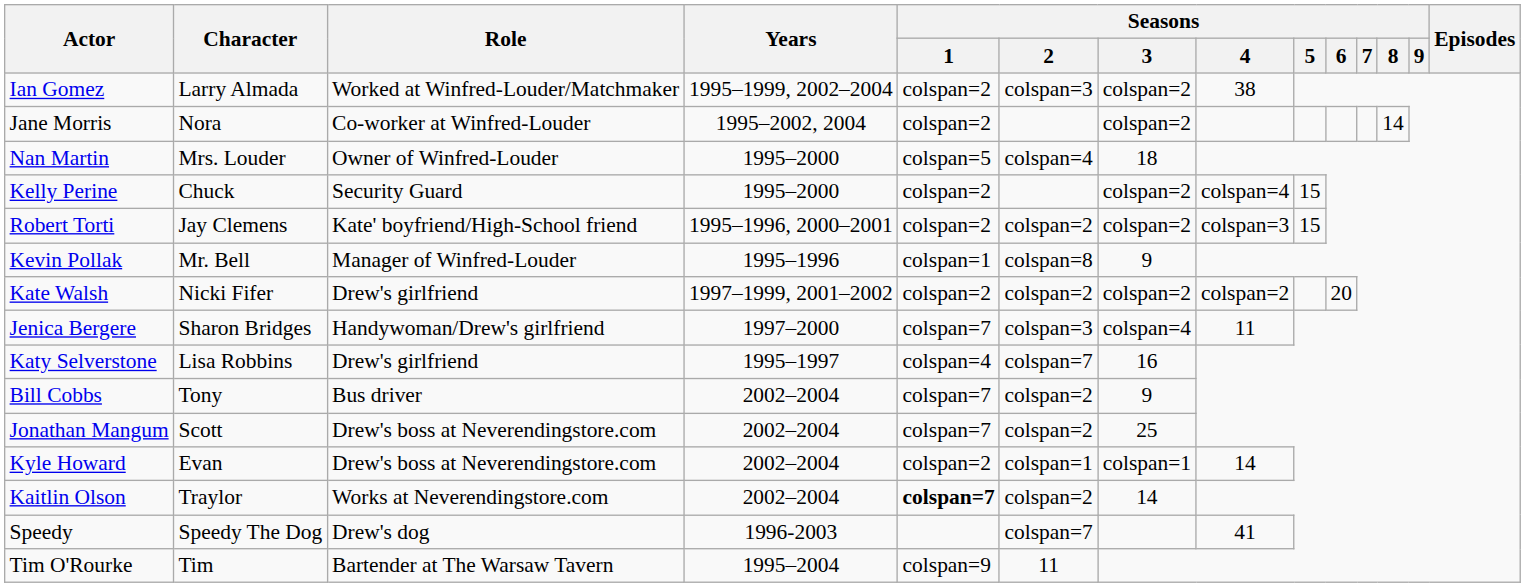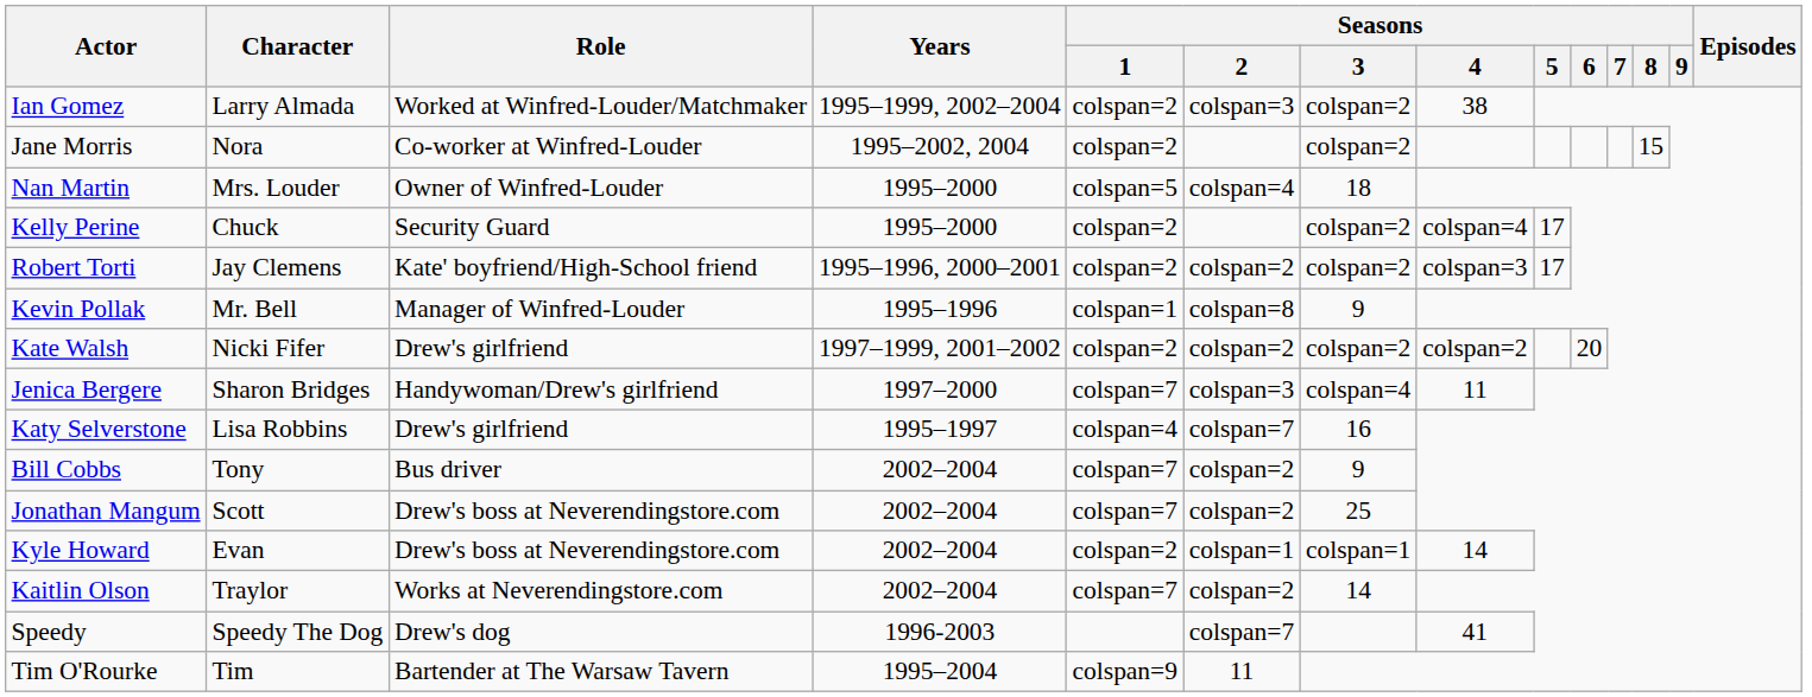 <table class="wikitable sortable">
 <tr>
 <th rowspan="2">Actor</th>
 <th rowspan="2">Character</th>
 <th rowspan="2">Role</th>
 <th rowspan="2">Years</th>
 <th colspan="9">Seasons</th>
 <th rowspan="2">Episodes</th>
 </tr>
 <tr>
 <th>1</th>
 <th>2</th>
 <th>3</th>
 <th>4</th>
 <th>5</th>
 <th>6</th>
 <th>7</th>
 <th>8</th>
 <th>9</th>
 </tr>
 <tr>
 <td><a href='#'>Ian Gomez</a></td>
 <td>Larry Almada</td>
 <td>Worked at Winfred-Louder/Matchmaker</td>
 <td rowspan="1" align="center">1995–1999, 2002–2004</td>
 <td>colspan=2 </td>
 <td>colspan=3 </td>
 <td>colspan=2 </td>
 <td rowspan="1" align="center">38</td>
 </tr>
 <tr>
 <td>Jane Morris</td>
 <td>Nora</td>
 <td>Co-worker at Winfred-Louder</td>
 <td rowspan="1" align="center">1995–2002, 2004</td>
 <td>colspan=2 </td>
 <td></td>
 <td>colspan=2 </td>
 <td></td>
 <td></td>
 <td></td>
 <td></td>
-<td rowspan="1" align="center">14</td>
+<td rowspan="1" align="center">15</td>
 </tr>
 <tr>
 <td><a href='#'>Nan Martin</a></td>
 <td>Mrs. Louder</td>
 <td>Owner of Winfred-Louder</td>
 <td rowspan="1" align="center">1995–2000</td>
 <td>colspan=5 </td>
 <td>colspan=4 </td>
 <td rowspan="1" align="center">18</td>
 </tr>
 <tr>
 <td><a href='#'>Kelly Perine</a></td>
 <td>Chuck</td>
 <td>Security Guard</td>
 <td rowspan="1" align="center">1995–2000</td>
 <td>colspan=2 </td>
 <td></td>
 <td>colspan=2 </td>
 <td>colspan=4 </td>
-<td rowspan="1" align="center">15</td>
+<td rowspan="1" align="center">17</td>
 </tr>
 <tr>
 <td><a href='#'>Robert Torti</a></td>
 <td>Jay Clemens</td>
 <td>Kate' boyfriend/High-School friend</td>
 <td rowspan="1" align="center">1995–1996, 2000–2001</td>
 <td>colspan=2 </td>
 <td>colspan=2 </td>
 <td>colspan=2 </td>
 <td>colspan=3 </td>
-<td rowspan="1" align="center">15</td>
+<td rowspan="1" align="center">17</td>
 </tr>
 <tr>
 <td><a href='#'>Kevin Pollak</a></td>
 <td>Mr. Bell</td>
 <td>Manager of Winfred-Louder</td>
 <td rowspan="1" align="center">1995–1996</td>
 <td>colspan=1 </td>
 <td>colspan=8 </td>
 <td rowspan="1" align="center">9</td>
 </tr>
 <tr>
 <td><a href='#'>Kate Walsh</a></td>
 <td>Nicki Fifer</td>
 <td>Drew's girlfriend</td>
 <td rowspan="1" align="center">1997–1999, 2001–2002</td>
 <td>colspan=2 </td>
 <td>colspan=2 </td>
 <td>colspan=2 </td>
 <td>colspan=2 </td>
 <td></td>
 <td rowspan="1" align="center">20</td>
 </tr>
 <tr>
 <td><a href='#'>Jenica Bergere</a></td>
 <td>Sharon Bridges</td>
 <td>Handywoman/Drew's girlfriend</td>
 <td rowspan="1" align="center">1997–2000</td>
 <td>colspan=7 </td>
 <td>colspan=3 </td>
 <td>colspan=4 </td>
 <td rowspan="1" align="center">11</td>
 </tr>
 <tr>
 <td><a href='#'>Katy Selverstone</a></td>
 <td>Lisa Robbins</td>
 <td>Drew's girlfriend</td>
 <td rowspan="1" align="center">1995–1997</td>
 <td>colspan=4 </td>
 <td>colspan=7 </td>
 <td rowspan="1" align="center">16</td>
 </tr>
 <tr>
 <td><a href='#'>Bill Cobbs</a></td>
 <td>Tony</td>
 <td>Bus driver</td>
 <td rowspan="1" align="center">2002–2004</td>
 <td>colspan=7 </td>
 <td>colspan=2 </td>
 <td rowspan="1" align="center">9</td>
 </tr>
 <tr>
 <td><a href='#'>Jonathan Mangum</a></td>
 <td>Scott</td>
 <td>Drew's boss at Neverendingstore.com</td>
 <td rowspan="1" align="center">2002–2004</td>
 <td>colspan=7 </td>
 <td>colspan=2 </td>
 <td rowspan="1" align="center">25</td>
 </tr>
 <tr>
 <td><a href='#'>Kyle Howard</a></td>
 <td>Evan</td>
 <td>Drew's boss at Neverendingstore.com</td>
 <td rowspan="1" align="center">2002–2004</td>
 <td>colspan=2 </td>
 <td>colspan=1 </td>
 <td>colspan=1 </td>
 <td rowspan="1" align="center">14</td>
 </tr>
 <tr>
 <td><a href='#'>Kaitlin Olson</a></td>
 <td>Traylor</td>
 <td>Works at Neverendingstore.com</td>
 <td rowspan="1" align="center">2002–2004</td>
-<td><strong>colspan=7 </strong></td>
+<td>colspan=7 </td>
 <td>colspan=2 </td>
 <td rowspan="1" align="center">14</td>
 </tr>
 <tr>
 <td>Speedy</td>
 <td>Speedy The Dog</td>
 <td>Drew's dog</td>
 <td rowspan="1" align=center>1996-2003</td>
 <td></td>
 <td>colspan=7 </td>
 <td></td>
 <td rowspan="1" align="center">41</td>
 </tr>
 <tr>
 <td>Tim O'Rourke</td>
 <td>Tim</td>
 <td>Bartender at The Warsaw Tavern</td>
 <td rowspan="1" align="center">1995–2004</td>
 <td>colspan=9 </td>
 <td rowspan="1" align="center">11</td>
 </tr>
 </table>
